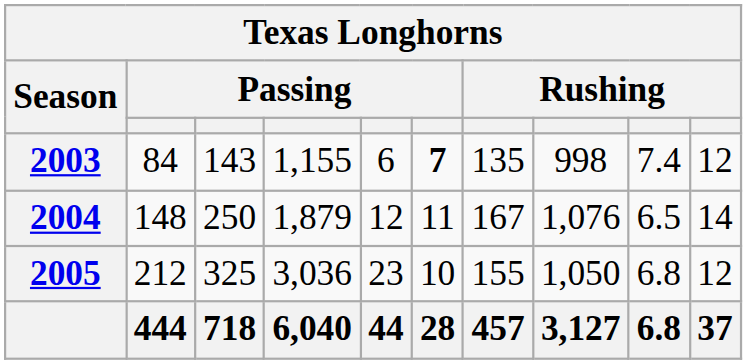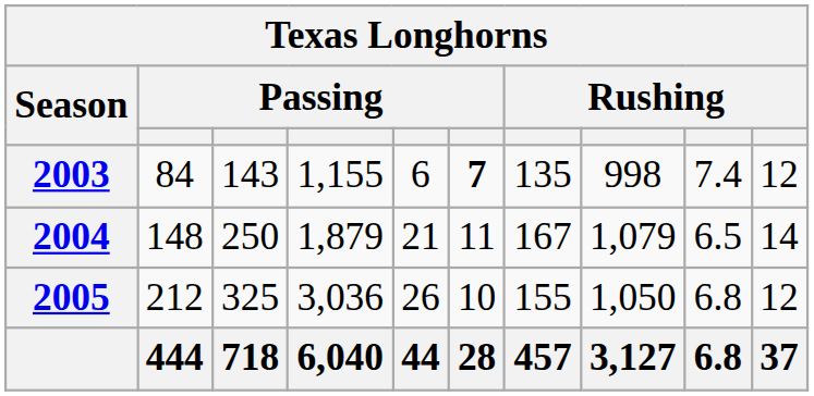 <table class="wikitable" style="text-align:center;">
 <tr>
 <th colspan="13">Texas Longhorns</th>
 </tr>
 <tr>
 <th rowspan="2">Season</th>
 <th colspan="5">Passing</th>
 <th colspan="4">Rushing</th>
 </tr>
 <tr>
 <th></th>
 <th></th>
 <th></th>
 <th></th>
 <th></th>
 <th></th>
 <th></th>
 <th></th>
 <th></th>
 </tr>
 <tr>
 <th><a href='#'>2003</a></th>
 <td>84</td>
 <td>143</td>
 <td>1,155</td>
 <td>6</td>
 <td><strong>7</strong></td>
 <td>135</td>
 <td>998</td>
 <td>7.4</td>
 <td>12</td>
 </tr>
 <tr>
 <th><a href='#'>2004</a></th>
 <td>148</td>
 <td>250</td>
 <td>1,879</td>
-<td>12</td>
+<td>21</td>
 <td>11</td>
 <td>167</td>
-<td>1,076</td>
+<td>1,079</td>
 <td>6.5</td>
 <td>14</td>
 </tr>
 <tr>
 <th><a href='#'>2005</a></th>
 <td>212</td>
 <td>325</td>
 <td>3,036</td>
-<td>23</td>
+<td>26</td>
 <td>10</td>
 <td>155</td>
 <td>1,050</td>
 <td>6.8</td>
 <td>12</td>
 </tr>
 <tr>
 <th></th>
 <th>444</th>
 <th>718</th>
 <th>6,040</th>
 <th>44</th>
 <th>28</th>
 <th>457</th>
 <th>3,127</th>
 <th>6.8</th>
 <th>37</th>
 </tr>
 </table>
